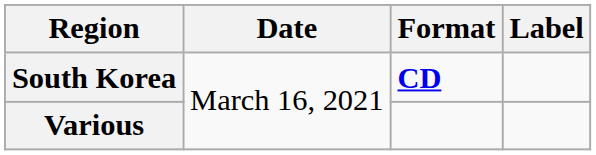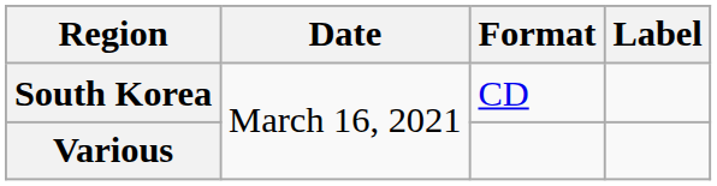 <table class="wikitable plainrowheaders">
 <tr>
 <th scope="col">Region</th>
 <th scope="col">Date</th>
 <th scope="col">Format</th>
 <th scope="col">Label</th>
 </tr>
 <tr>
 <th scope="row">South Korea</th>
 <td rowspan="2">March 16, 2021</td>
-<td><strong><a href='#'>CD</a></strong></td>
+<td><a href='#'>CD</a></td>
 <td></td>
 </tr>
 <tr>
 <th scope="row">Various </th>
 <td></td>
 <td></td>
 </tr>
 </table>
